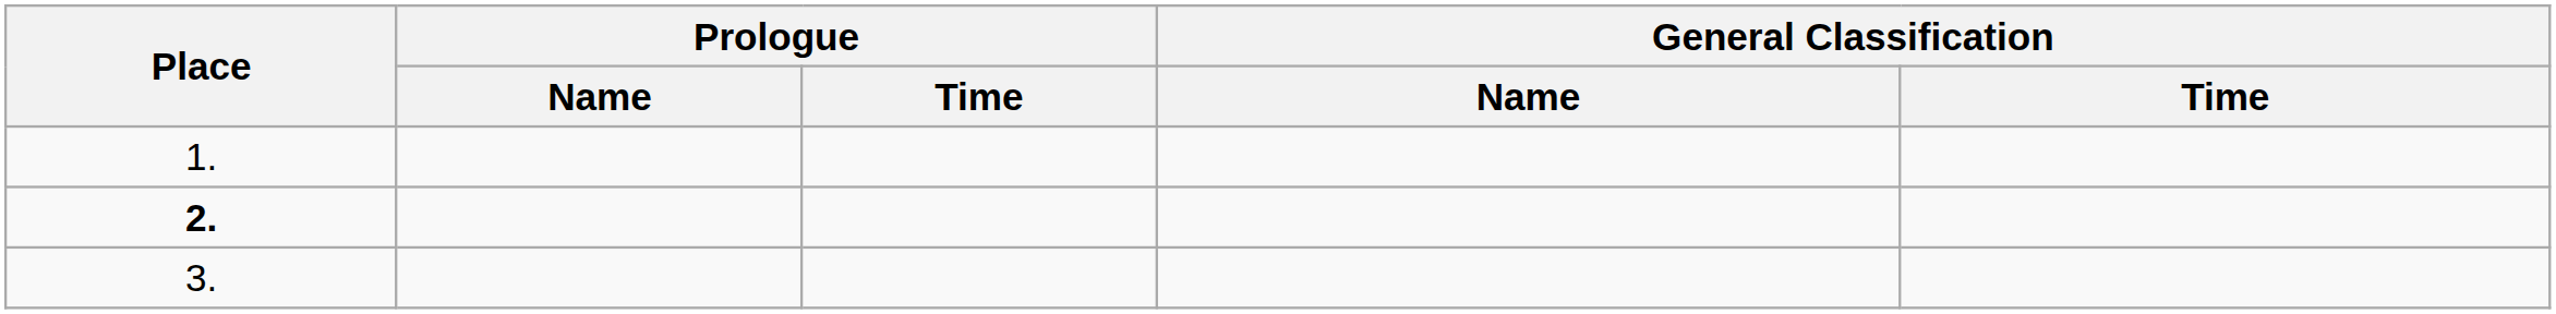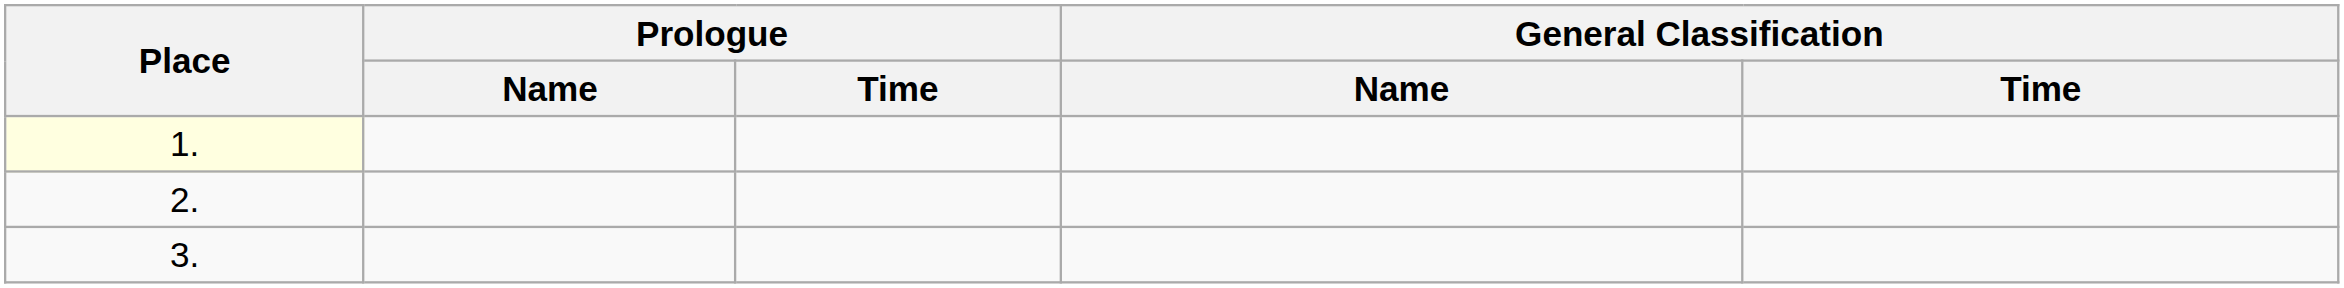 <table class="wikitable"  style="font-size:95%; width:80%;">
 <tr>
 <th rowspan="2">Place</th>
 <th colspan="2">Prologue</th>
 <th colspan="2">General Classification</th>
 </tr>
 <tr>
 <th>Name</th>
 <th>Time</th>
 <th>Name</th>
 <th>Time</th>
 </tr>
 <tr>
-<td style="text-align:center;">1.</td>
+<td style="background: lightyellow; text-align:center;">1.</td>
 <td></td>
 <td></td>
 <td></td>
 <td></td>
 </tr>
 <tr>
-<td style="text-align:center;"><strong>2.</strong></td>
+<td style="text-align:center;">2.</td>
 <td></td>
 <td></td>
 <td></td>
 <td></td>
 </tr>
 <tr>
 <td style="text-align:center;">3.</td>
 <td></td>
 <td></td>
 <td></td>
 <td></td>
 </tr>
 </table>
